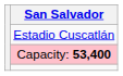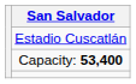 <table class=wikitable style="text-align:center">
 <tr>
 <th rowspan=4></th>
 <th><a href='#'>San Salvador</a></th>
 </tr>
 <tr>
 <td><a href='#'>Estadio Cuscatlán</a></td>
 </tr>
 <tr>
-<td style="background: pink;">Capacity: <strong>53,400</strong></td>
+<td>Capacity: <strong>53,400</strong></td>
 </tr>
 <tr>
 <td></td>
 </tr>
 </table>
